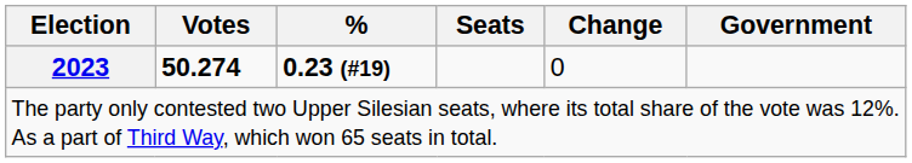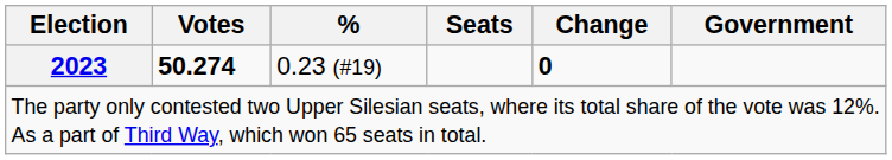 <table class="wikitable">
 <tr>
 <th>Election</th>
 <th>Votes</th>
 <th>%</th>
 <th>Seats</th>
 <th>Change</th>
 <th>Government</th>
 </tr>
 <tr>
 <th><a href='#'>2023</a></th>
 <td><strong>50.274</strong></td>
-<td><strong>0.23 <small>(#19)</small></strong></td>
+<td>0.23 <small>(#19)</small></td>
 <td></td>
-<td> 0</td>
+<td><strong> 0</strong></td>
 <td></td>
 </tr>
 <tr>
 <td colspan=6><small>The party only contested two Upper Silesian seats, where its total share of the vote was 12%.<br>As a part of <a href='#'>Third Way</a>, which won 65 seats in total.</small></td>
 </tr>
 </table>
